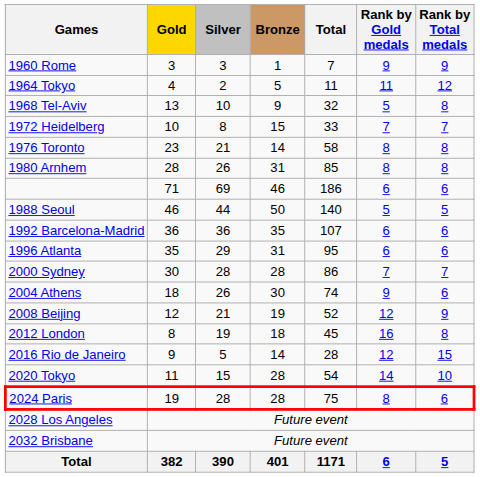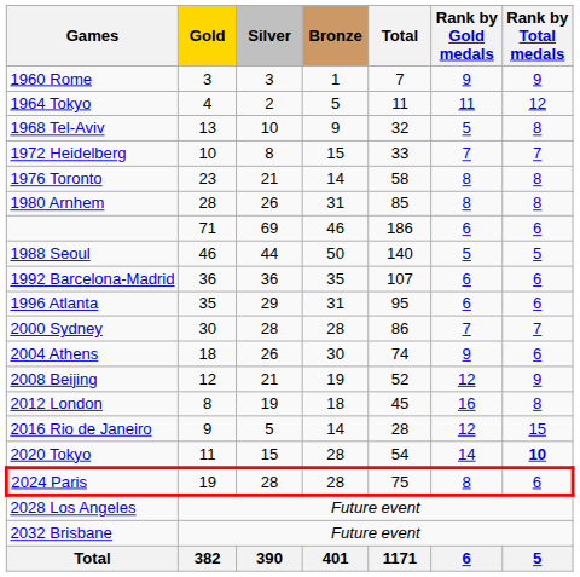 <table class="wikitable" style="text-align:center; font-size:90%;">
 <tr>
 <th>Games</th>
 <td style="background:gold; width:3.2em; font-weight:bold;">Gold</td>
 <td style="background:silver; width:3.7em; font-weight:bold;">Silver</td>
 <td style="background:#c96; width:3.7em; font-weight:bold;">Bronze</td>
 <th style="width:3.5em; font-weight:bold;">Total</th>
 <th style="width:4em; font-weight:bold;">Rank by <a href='#'>Gold medals</a></th>
 <th style="width:4em; font-weight:bold;">Rank by <a href='#'>Total medals</a></th>
 </tr>
 <tr>
 <td align=left> <a href='#'>1960 Rome</a></td>
 <td>3</td>
 <td>3</td>
 <td>1</td>
 <td>7</td>
 <td><a href='#'>9</a></td>
 <td><a href='#'>9</a></td>
 </tr>
 <tr>
 <td align=left> <a href='#'>1964 Tokyo</a></td>
 <td>4</td>
 <td>2</td>
 <td>5</td>
 <td>11</td>
 <td><a href='#'>11</a></td>
 <td><a href='#'>12</a></td>
 </tr>
 <tr>
 <td align=left> <a href='#'>1968 Tel-Aviv</a></td>
 <td>13</td>
 <td>10</td>
 <td>9</td>
 <td>32</td>
 <td><a href='#'>5</a></td>
 <td><a href='#'>8</a></td>
 </tr>
 <tr>
 <td align=left> <a href='#'>1972 Heidelberg</a></td>
 <td>10</td>
 <td>8</td>
 <td>15</td>
 <td>33</td>
 <td><a href='#'>7</a></td>
 <td><a href='#'>7</a></td>
 </tr>
 <tr>
 <td align=left> <a href='#'>1976 Toronto</a></td>
 <td>23</td>
 <td>21</td>
 <td>14</td>
 <td>58</td>
 <td><a href='#'>8</a></td>
 <td><a href='#'>8</a></td>
 </tr>
 <tr>
 <td align=left> <a href='#'>1980 Arnhem</a></td>
 <td>28</td>
 <td>26</td>
 <td>31</td>
 <td>85</td>
 <td><a href='#'>8</a></td>
 <td><a href='#'>8</a></td>
 </tr>
 <tr>
 <td align=left> <br> </td>
 <td>71</td>
 <td>69</td>
 <td>46</td>
 <td>186</td>
 <td><a href='#'>6</a></td>
 <td><a href='#'>6</a></td>
 </tr>
 <tr>
 <td align=left> <a href='#'>1988 Seoul</a></td>
 <td>46</td>
 <td>44</td>
 <td>50</td>
 <td>140</td>
 <td><a href='#'>5</a></td>
 <td><a href='#'>5</a></td>
 </tr>
 <tr>
 <td align=left> <a href='#'>1992 Barcelona-Madrid</a></td>
 <td>36</td>
 <td>36</td>
 <td>35</td>
 <td>107</td>
 <td><a href='#'>6</a></td>
 <td><a href='#'>6</a></td>
 </tr>
 <tr>
 <td align=left> <a href='#'>1996 Atlanta</a></td>
 <td>35</td>
 <td>29</td>
 <td>31</td>
 <td>95</td>
 <td><a href='#'>6</a></td>
 <td><a href='#'>6</a></td>
 </tr>
 <tr>
 <td align=left> <a href='#'>2000 Sydney</a></td>
 <td>30</td>
 <td>28</td>
 <td>28</td>
 <td>86</td>
 <td><a href='#'>7</a></td>
 <td><a href='#'>7</a></td>
 </tr>
 <tr>
 <td align=left> <a href='#'>2004 Athens</a></td>
 <td>18</td>
 <td>26</td>
 <td>30</td>
 <td>74</td>
 <td><a href='#'>9</a></td>
 <td><a href='#'>6</a></td>
 </tr>
 <tr>
 <td align=left> <a href='#'>2008 Beijing</a></td>
 <td>12</td>
 <td>21</td>
 <td>19</td>
 <td>52</td>
 <td><a href='#'>12</a></td>
 <td><a href='#'>9</a></td>
 </tr>
 <tr>
 <td align=left> <a href='#'>2012 London</a></td>
 <td>8</td>
 <td>19</td>
 <td>18</td>
 <td>45</td>
 <td><a href='#'>16</a></td>
 <td><a href='#'>8</a></td>
 </tr>
 <tr>
 <td align=left> <a href='#'>2016 Rio de Janeiro</a></td>
 <td>9</td>
 <td>5</td>
 <td>14</td>
 <td>28</td>
 <td><a href='#'>12</a></td>
 <td><a href='#'>15</a></td>
 </tr>
 <tr>
 <td align=left> <a href='#'>2020 Tokyo</a></td>
 <td>11</td>
 <td>15</td>
 <td>28</td>
 <td>54</td>
 <td><a href='#'>14</a></td>
-<td><a href='#'>10</a></td>
+<td><strong><a href='#'>10</a></strong></td>
 </tr>
 <tr style="border: 3px solid red">
 <td align=left> <a href='#'>2024 Paris</a></td>
 <td>19</td>
 <td>28</td>
 <td>28</td>
 <td>75</td>
 <td><a href='#'>8</a></td>
 <td><a href='#'>6</a></td>
 </tr>
 <tr>
 <td align=left> <a href='#'>2028 Los Angeles</a></td>
 <td colspan=6; rowspan=1><em>Future event</em></td>
 </tr>
 <tr>
 <td align=left> <a href='#'>2032 Brisbane</a></td>
 <td colspan=6; rowspan=1><em>Future event</em></td>
 </tr>
 <tr>
 <th>Total</th>
 <th>382</th>
 <th>390</th>
 <th>401</th>
 <th>1171</th>
 <th><a href='#'>6</a></th>
 <th><a href='#'>5</a></th>
 </tr>
 </table>
